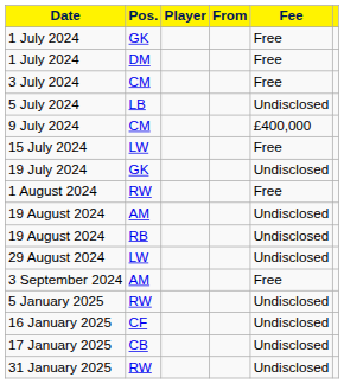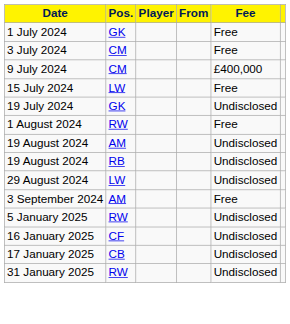 <table class="wikitable plainrowheaders sortable">
 <tr>
 <th style="background-color:#FFF300; color:#001958; ">Date</th>
 <th style="background-color:#FFF300; color:#001958; ">Pos.</th>
 <th style="background-color:#FFF300; color:#001958; ">Player</th>
 <th style="background-color:#FFF300; color:#001958; ">From</th>
 <th style="background-color:#FFF300; color:#001958; ">Fee</th>
 <th style="background-color:#FFF300; color:#001958; "></th>
 </tr>
 <tr>
 <td>1 July 2024</td>
 <td><a href='#'>GK</a></td>
 <td></td>
 <td></td>
 <td>Free</td>
 <td></td>
 </tr>
 <tr>
-<td>1 July 2024</td>
-<td><a href='#'>DM</a></td>
-<td></td>
-<td></td>
-<td>Free</td>
-<td></td>
-</tr>
-<tr>
 <td>3 July 2024</td>
 <td><a href='#'>CM</a></td>
 <td></td>
 <td></td>
 <td>Free</td>
-<td></td>
-</tr>
-<tr>
-<td>5 July 2024</td>
-<td><a href='#'>LB</a></td>
-<td></td>
-<td></td>
-<td>Undisclosed</td>
 <td></td>
 </tr>
 <tr>
 <td>9 July 2024</td>
 <td><a href='#'>CM</a></td>
 <td></td>
 <td></td>
 <td>£400,000</td>
 <td></td>
 </tr>
 <tr>
 <td>15 July 2024</td>
 <td><a href='#'>LW</a></td>
 <td></td>
 <td></td>
 <td>Free</td>
 <td></td>
 </tr>
 <tr>
 <td>19 July 2024</td>
 <td><a href='#'>GK</a></td>
 <td></td>
 <td></td>
 <td>Undisclosed</td>
 <td></td>
 </tr>
 <tr>
 <td>1 August 2024</td>
 <td><a href='#'>RW</a></td>
 <td></td>
 <td></td>
 <td>Free</td>
 <td></td>
 </tr>
 <tr>
 <td>19 August 2024</td>
 <td><a href='#'>AM</a></td>
 <td></td>
 <td></td>
 <td>Undisclosed</td>
 <td></td>
 </tr>
 <tr>
 <td>19 August 2024</td>
 <td><a href='#'>RB</a></td>
 <td></td>
 <td></td>
 <td>Undisclosed</td>
 <td></td>
 </tr>
 <tr>
 <td>29 August 2024</td>
 <td><a href='#'>LW</a></td>
 <td></td>
 <td></td>
 <td>Undisclosed</td>
 <td></td>
 </tr>
 <tr>
 <td>3 September 2024</td>
 <td><a href='#'>AM</a></td>
 <td></td>
 <td></td>
 <td>Free</td>
 <td></td>
 </tr>
 <tr>
 <td>5 January 2025</td>
 <td><a href='#'>RW</a></td>
 <td></td>
 <td></td>
 <td>Undisclosed</td>
 <td></td>
 </tr>
 <tr>
 <td>16 January 2025</td>
 <td><a href='#'>CF</a></td>
 <td></td>
 <td></td>
 <td>Undisclosed</td>
 <td></td>
 </tr>
 <tr>
 <td>17 January 2025</td>
 <td><a href='#'>CB</a></td>
 <td></td>
 <td></td>
 <td>Undisclosed</td>
 <td></td>
 </tr>
 <tr>
 <td>31 January 2025</td>
 <td><a href='#'>RW</a></td>
 <td></td>
 <td></td>
 <td>Undisclosed</td>
 <td></td>
 </tr>
 </table>
